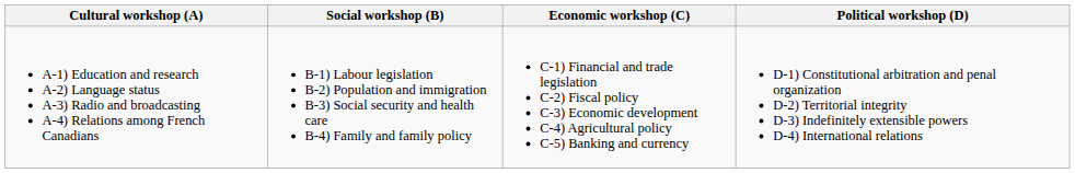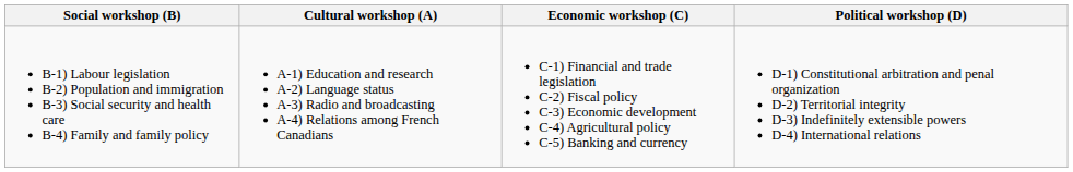 <table class="wikitable" border="1">
 <tr>
+<th>Social workshop (B)</th>
 <th>Cultural workshop (A)</th>
-<th>Social workshop (B)</th>
 <th>Economic workshop (C)</th>
 <th>Political workshop (D)</th>
 </tr>
 <tr>
+<td><br><ul><li>B-1) Labour legislation</li><li>B-2) Population and immigration</li><li>B-3) Social security and health care</li><li>B-4) Family and family policy</li></ul></td>
 <td><br><ul><li>A-1) Education and research</li><li>A-2) Language status</li><li>A-3) Radio and broadcasting</li><li>A-4) Relations among French Canadians</li></ul></td>
-<td><br><ul><li>B-1) Labour legislation</li><li>B-2) Population and immigration</li><li>B-3) Social security and health care</li><li>B-4) Family and family policy</li></ul></td>
 <td><br><ul><li>C-1) Financial and trade legislation</li><li>C-2) Fiscal policy</li><li>C-3) Economic development</li><li>C-4) Agricultural policy</li><li>C-5) Banking and currency</li></ul></td>
 <td><br><ul><li>D-1) Constitutional arbitration and penal organization</li><li>D-2) Territorial integrity</li><li>D-3) Indefinitely extensible powers</li><li>D-4) International relations</li></ul></td>
 </tr>
 </table>
